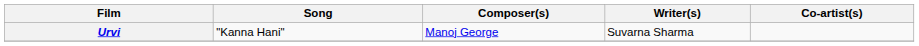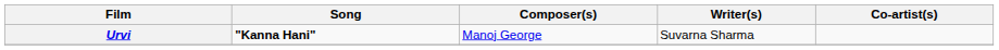 <table class="wikitable plainrowheaders" width="100%" textcolor:#000;">
 <tr>
 <th scope="col" width=23%><strong>Film</strong></th>
 <th scope="col" width=23%><strong>Song</strong></th>
 <th scope="col" width=20%><strong>Composer(s)</strong></th>
 <th scope="col" width=16%><strong>Writer(s)</strong></th>
 <th scope="col" width=18%><strong>Co-artist(s)</strong></th>
 </tr>
 <tr>
 <th><em><a href='#'>Urvi</a></em></th>
-<td>"Kanna Hani"</td>
+<td><strong>"Kanna Hani"</strong></td>
 <td><a href='#'>Manoj George</a></td>
 <td>Suvarna Sharma</td>
 <td></td>
 </tr>
 <tr>
 </tr>
 </table>
